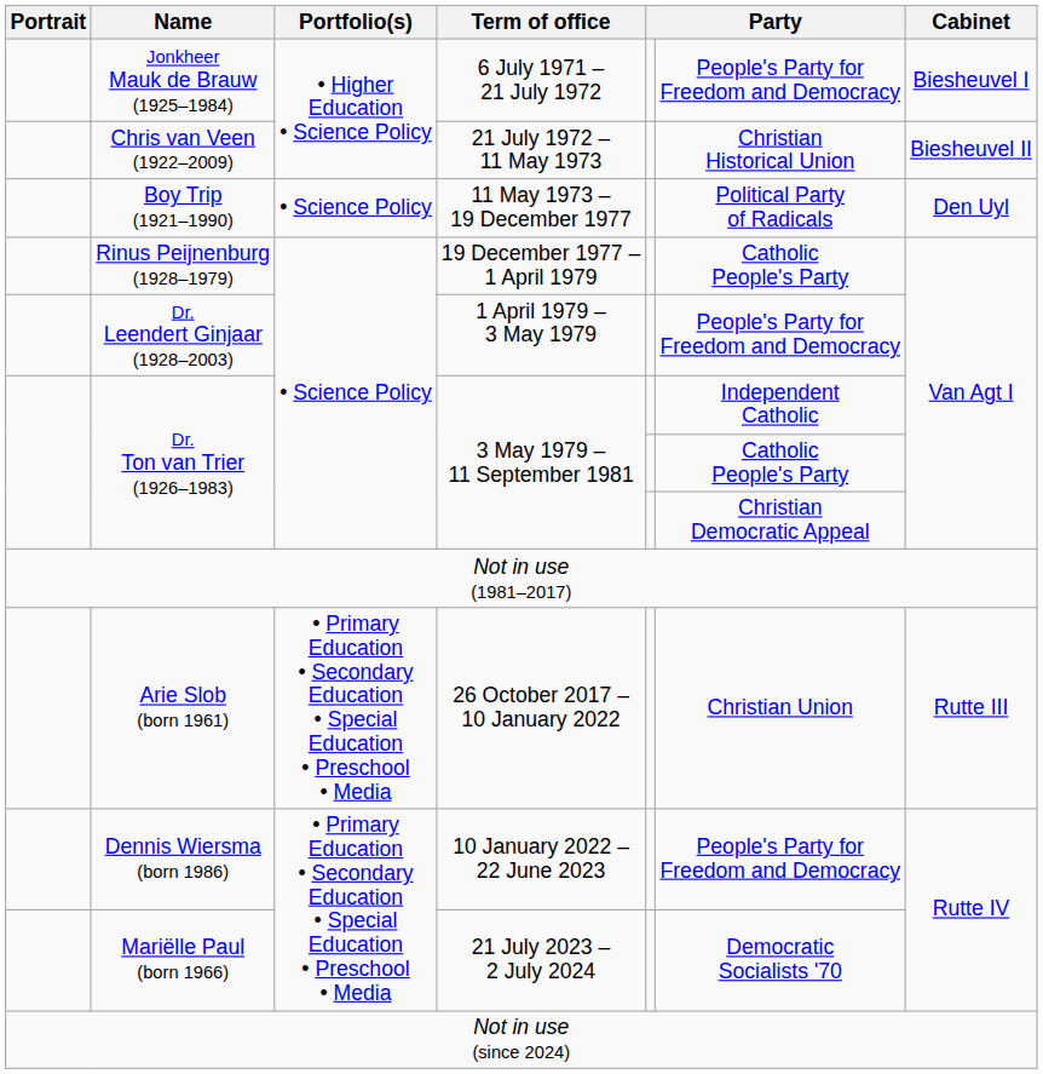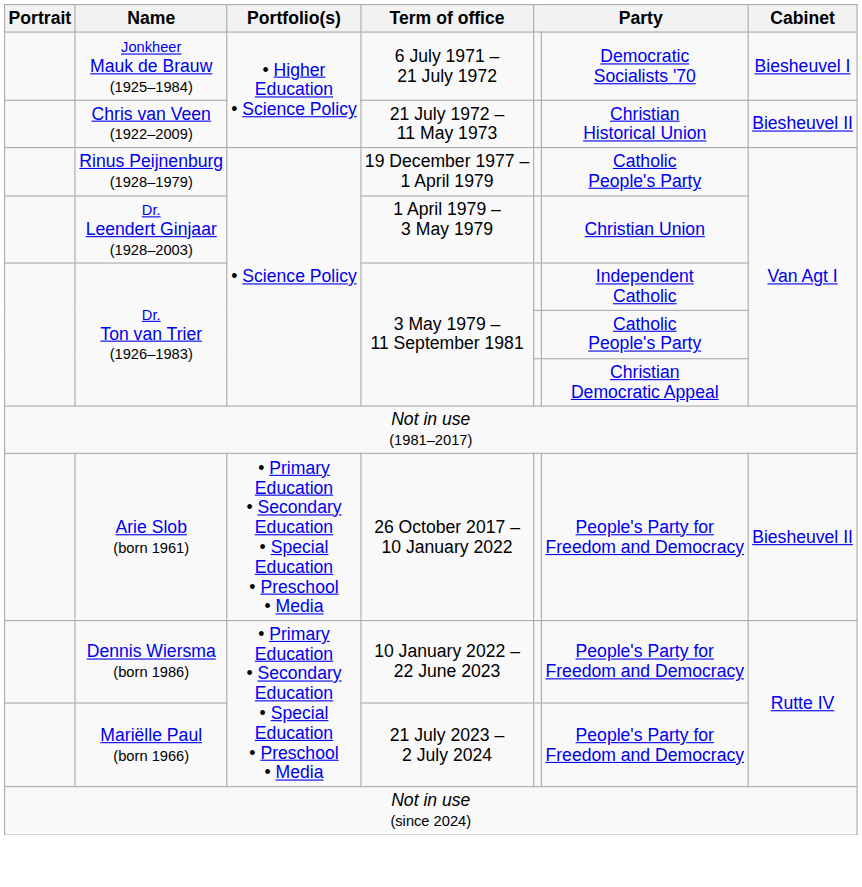 <table class="wikitable" style="text-align:center">
 <tr>
 <th>Portrait</th>
 <th>Name <br> </th>
 <th>Portfolio(s)</th>
 <th>Term of office</th>
 <th colspan=2>Party</th>
 <th>Cabinet</th>
 </tr>
 <tr>
 <td></td>
 <td><small><a href='#'>Jonkheer</a></small> <br> <a href='#'>Mauk de Brauw</a> <br> <small>(1925–1984)</small></td>
 <td rowspan=3>• <a href='#'>Higher <br> Education</a> <br> • <a href='#'>Science Policy</a></td>
 <td>6 July 1971 – <br> 21 July 1972 <br> </td>
 <td style="background:"></td>
-<td><a href='#'>People's Party for <br> Freedom and Democracy</a></td>
+<td><a href='#'>Democratic <br> Socialists '70</a></td>
 <td rowspan=2><a href='#'>Biesheuvel I</a> <br></td>
 </tr>
 <tr>
 <td rowspan=2></td>
 <td rowspan=2><a href='#'>Chris van Veen</a> <br> <small>(1922–2009)</small></td>
 <td rowspan=2>21 July 1972 – <br> 11 May 1973 <br> </td>
 <td rowspan=2 style="background:"></td>
 <td rowspan=2><a href='#'>Christian <br> Historical Union</a></td>
 </tr>
 <tr>
 <td><a href='#'>Biesheuvel II</a> <br></td>
-</tr>
-<tr>
-<td></td>
-<td><a href='#'>Boy Trip</a> <br> <small>(1921–1990)</small></td>
-<td>• <a href='#'>Science Policy</a></td>
-<td>11 May 1973 – <br> 19 December 1977</td>
-<td style="background:"></td>
-<td><a href='#'>Political Party <br> of Radicals</a></td>
-<td><a href='#'>Den Uyl</a> <br></td>
 </tr>
 <tr>
 <td></td>
 <td><a href='#'>Rinus Peijnenburg</a> <br> <small>(1928–1979)</small></td>
 <td rowspan=5>• <a href='#'>Science Policy</a></td>
 <td>19 December 1977 – <br> 1 April 1979 <br> </td>
 <td style="background:"></td>
 <td><a href='#'>Catholic <br> People's Party</a></td>
 <td rowspan=5><a href='#'>Van Agt I</a> <br></td>
 </tr>
 <tr>
 <td></td>
 <td><small><a href='#'>Dr.</a></small> <br> <a href='#'>Leendert Ginjaar</a> <br> <small>(1928–2003)</small></td>
 <td>1 April 1979 – <br> 3 May 1979 <br>  <br> </td>
 <td style="background:"></td>
-<td><a href='#'>People's Party for <br> Freedom and Democracy</a></td>
+<td><a href='#'>Christian Union</a></td>
 </tr>
 <tr>
 <td rowspan=3></td>
 <td rowspan=3><small><a href='#'>Dr.</a></small> <br> <a href='#'>Ton van Trier</a> <br> <small>(1926–1983)</small></td>
 <td rowspan=3>3 May 1979 – <br> 11 September 1981</td>
 <td style="background:"></td>
 <td><a href='#'>Independent</a> <br> <a href='#'>Catholic</a></td>
 </tr>
 <tr>
 <td style="background:"></td>
 <td><a href='#'>Catholic <br> People's Party</a></td>
 </tr>
 <tr>
 <td style="background:"></td>
 <td><a href='#'>Christian <br> Democratic Appeal</a></td>
 </tr>
 <tr>
 <td colspan=7><em>Not in use</em> <br> <small>(1981–2017)</small></td>
 </tr>
 <tr>
 <td></td>
 <td><a href='#'>Arie Slob</a> <br> <small>(born 1961)</small></td>
 <td>• <a href='#'>Primary <br> Education</a> <br> • <a href='#'>Secondary <br> Education</a> <br> • <a href='#'>Special <br> Education</a> <br> • <a href='#'>Preschool</a><br> • <a href='#'>Media</a></td>
 <td>26 October 2017 – <br> 10 January 2022</td>
 <td style="background:"></td>
-<td><a href='#'>Christian Union</a></td>
-<td><a href='#'>Rutte III</a> <br></td>
+<td><a href='#'>People's Party for <br> Freedom and Democracy</a></td>
+<td><a href='#'>Biesheuvel II</a> <br></td>
 </tr>
 <tr>
 <td></td>
 <td><a href='#'>Dennis Wiersma</a> <br> <small>(born 1986)</small></td>
 <td rowspan=2>• <a href='#'>Primary <br> Education</a> <br> • <a href='#'>Secondary <br> Education</a> <br> • <a href='#'>Special <br> Education</a> <br> • <a href='#'>Preschool</a><br> • <a href='#'>Media</a></td>
 <td>10 January 2022 – <br> 22 June 2023</td>
 <td style="background:"></td>
 <td><a href='#'>People's Party for <br> Freedom and Democracy</a></td>
 <td rowspan=2><a href='#'>Rutte IV</a> <br></td>
 </tr>
 <tr>
 <td></td>
 <td><a href='#'>Mariëlle Paul</a> <br> <small>(born 1966)</small></td>
 <td>21 July 2023 – <br> 2 July 2024</td>
 <td style="background:"></td>
-<td><a href='#'>Democratic <br> Socialists '70</a></td>
+<td><a href='#'>People's Party for <br> Freedom and Democracy</a></td>
 </tr>
 <tr>
 <td colspan=7><em>Not in use</em> <br> <small>(since 2024)</small></td>
 </tr>
 </table>
